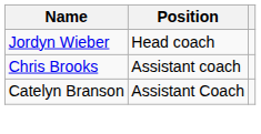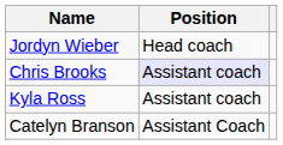 <table class="wikitable">
 <tr>
 <th>Name</th>
 <th>Position</th>
 <th></th>
 </tr>
 <tr align="left" valign="top">
 <td><a href='#'>Jordyn Wieber</a></td>
 <td>Head coach</td>
 <td></td>
 </tr>
 <tr align="left" valign="top">
 <td><a href='#'>Chris Brooks</a></td>
+<td style="background: lavender;">Assistant coach</td>
+<td></td>
+</tr>
+<tr>
+<td><a href='#'>Kyla Ross</a></td>
 <td>Assistant coach</td>
 <td></td>
 </tr>
 <tr>
 <td>Catelyn Branson</td>
 <td>Assistant Coach</td>
 <td></td>
 </tr>
 </table>
